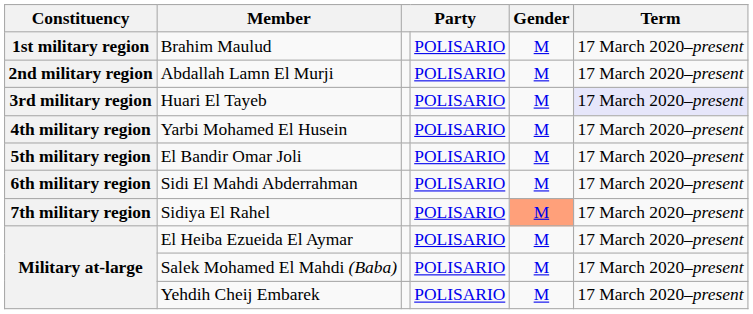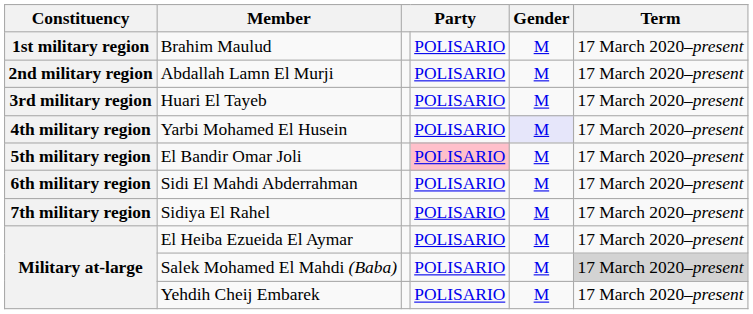 <table class="wikitable">
 <tr valign=bottom>
 <th>Constituency</th>
 <th>Member</th>
 <th colspan="2">Party</th>
 <th>Gender</th>
 <th>Term</th>
 </tr>
 <tr>
 <th>1st military region</th>
 <td>Brahim Maulud</td>
 <td width="1"></td>
 <td><a href='#'>POLISARIO</a></td>
 <td align="center"><a href='#'>M</a></td>
 <td>17 March 2020–<em>present</em></td>
 </tr>
 <tr>
 <th>2nd military region</th>
 <td>Abdallah Lamn El Murji</td>
 <td width="1"></td>
 <td><a href='#'>POLISARIO</a></td>
 <td align="center"><a href='#'>M</a></td>
 <td>17 March 2020–<em>present</em></td>
 </tr>
 <tr>
 <th>3rd military region</th>
 <td>Huari El Tayeb</td>
 <td width="1"></td>
 <td><a href='#'>POLISARIO</a></td>
 <td align="center"><a href='#'>M</a></td>
-<td style="background: lavender;">17 March 2020–<em>present</em></td>
+<td>17 March 2020–<em>present</em></td>
 </tr>
 <tr>
 <th>4th military region</th>
 <td>Yarbi Mohamed El Husein</td>
 <td width="1"></td>
 <td><a href='#'>POLISARIO</a></td>
-<td align="center"><a href='#'>M</a></td>
+<td align="center" style="background: lavender;"><a href='#'>M</a></td>
 <td>17 March 2020–<em>present</em></td>
 </tr>
 <tr>
 <th>5th military region</th>
 <td>El Bandir Omar Joli</td>
 <td width="1"></td>
-<td><a href='#'>POLISARIO</a></td>
+<td style="background: pink;"><a href='#'>POLISARIO</a></td>
 <td align="center"><a href='#'>M</a></td>
 <td>17 March 2020–<em>present</em></td>
 </tr>
 <tr>
 <th>6th military region</th>
 <td>Sidi El Mahdi Abderrahman</td>
 <td width="1"></td>
 <td><a href='#'>POLISARIO</a></td>
 <td align="center"><a href='#'>M</a></td>
 <td>17 March 2020–<em>present</em></td>
 </tr>
 <tr>
 <th>7th military region</th>
 <td>Sidiya El Rahel</td>
 <td width="1"></td>
 <td><a href='#'>POLISARIO</a></td>
-<td align="center" style="background: lightsalmon;"><a href='#'>M</a></td>
+<td align="center"><a href='#'>M</a></td>
 <td>17 March 2020–<em>present</em></td>
 </tr>
 <tr>
 <th rowspan="3">Military at-large</th>
 <td>El Heiba Ezueida El Aymar</td>
 <td width="1"></td>
 <td><a href='#'>POLISARIO</a></td>
 <td align="center"><a href='#'>M</a></td>
 <td>17 March 2020–<em>present</em></td>
 </tr>
 <tr>
 <td>Salek Mohamed El Mahdi <em>(Baba)</em></td>
 <td width="1"></td>
 <td><a href='#'>POLISARIO</a></td>
 <td align="center"><a href='#'>M</a></td>
-<td>17 March 2020–<em>present</em></td>
+<td style="background: lightgrey;">17 March 2020–<em>present</em></td>
 </tr>
 <tr>
 <td>Yehdih Cheij Embarek</td>
 <td width="1"></td>
 <td><a href='#'>POLISARIO</a></td>
 <td align="center"><a href='#'>M</a></td>
 <td>17 March 2020–<em>present</em></td>
 </tr>
 </table>
